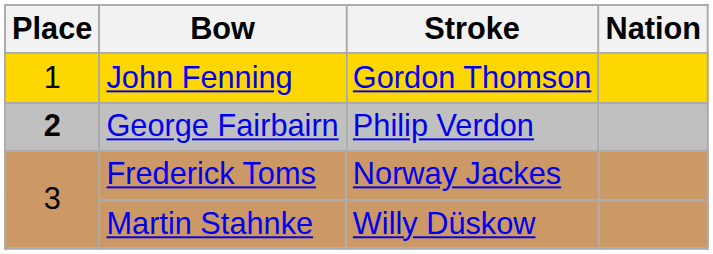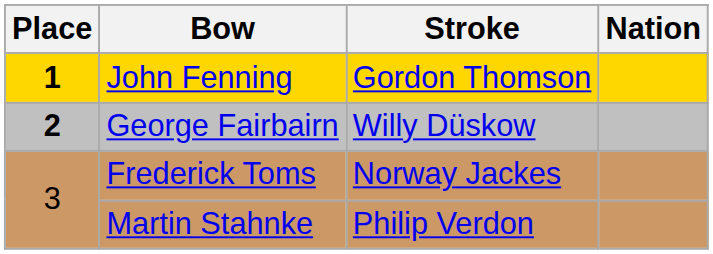 <table class=wikitable>
 <tr>
 <th>Place</th>
 <th>Bow</th>
 <th>Stroke</th>
 <th>Nation</th>
 </tr>
 <tr bgcolor=gold>
-<td align=center>1</td>
+<td align=center><strong>1</strong></td>
 <td><a href='#'>John Fenning</a></td>
 <td><a href='#'>Gordon Thomson</a></td>
 <td></td>
 </tr>
 <tr bgcolor=silver>
 <td align=center><strong>2</strong></td>
 <td><a href='#'>George Fairbairn</a></td>
-<td><a href='#'>Philip Verdon</a></td>
+<td><a href='#'>Willy Düskow</a></td>
 <td></td>
 </tr>
 <tr bgcolor=cc9966>
 <td align=center rowspan=2>3</td>
 <td><a href='#'>Frederick Toms</a></td>
 <td><a href='#'>Norway Jackes</a></td>
 <td></td>
 </tr>
 <tr bgcolor=cc9966>
 <td><a href='#'>Martin Stahnke</a></td>
-<td><a href='#'>Willy Düskow</a></td>
+<td><a href='#'>Philip Verdon</a></td>
 <td></td>
 </tr>
 </table>
